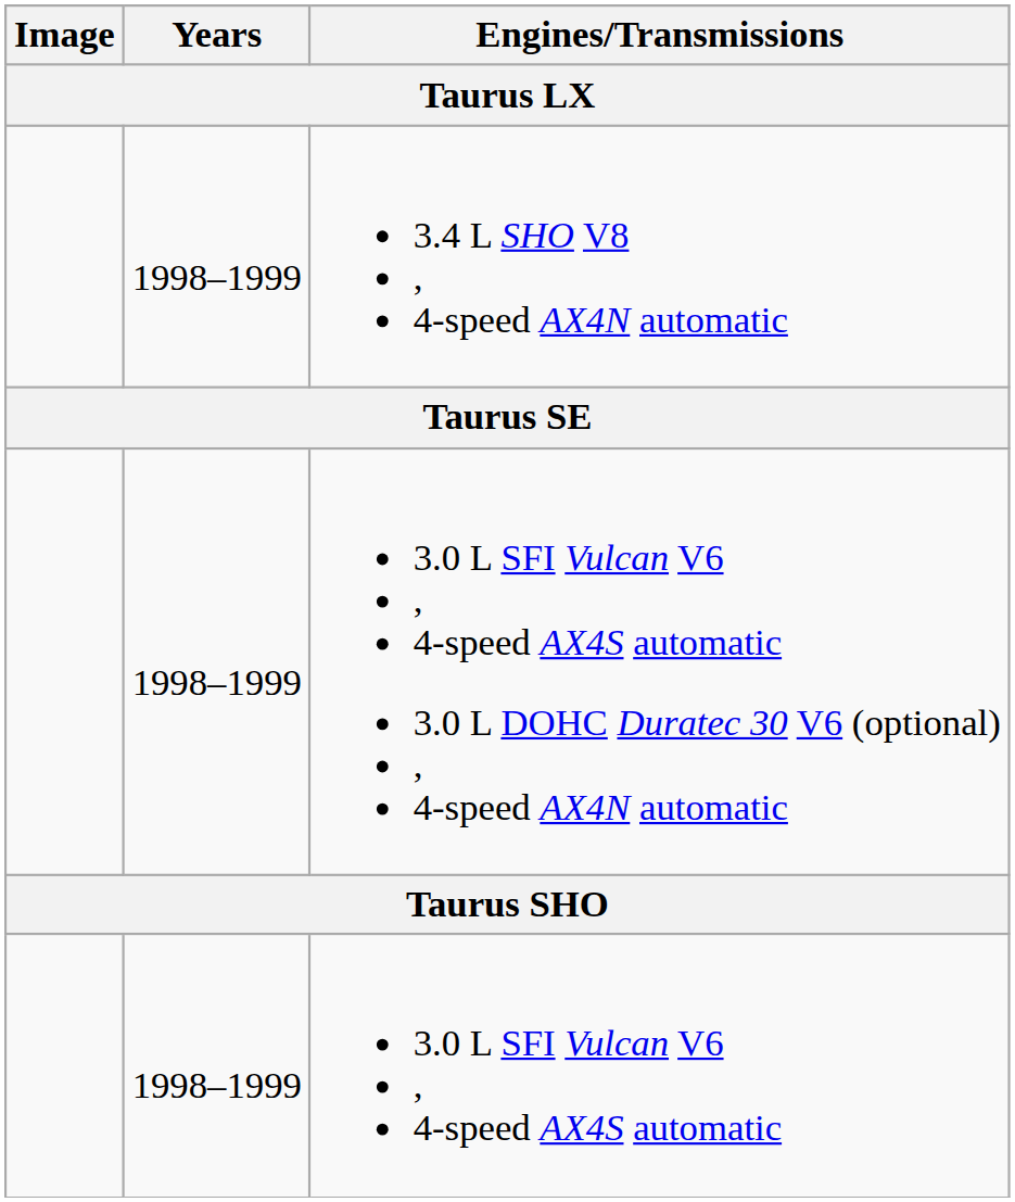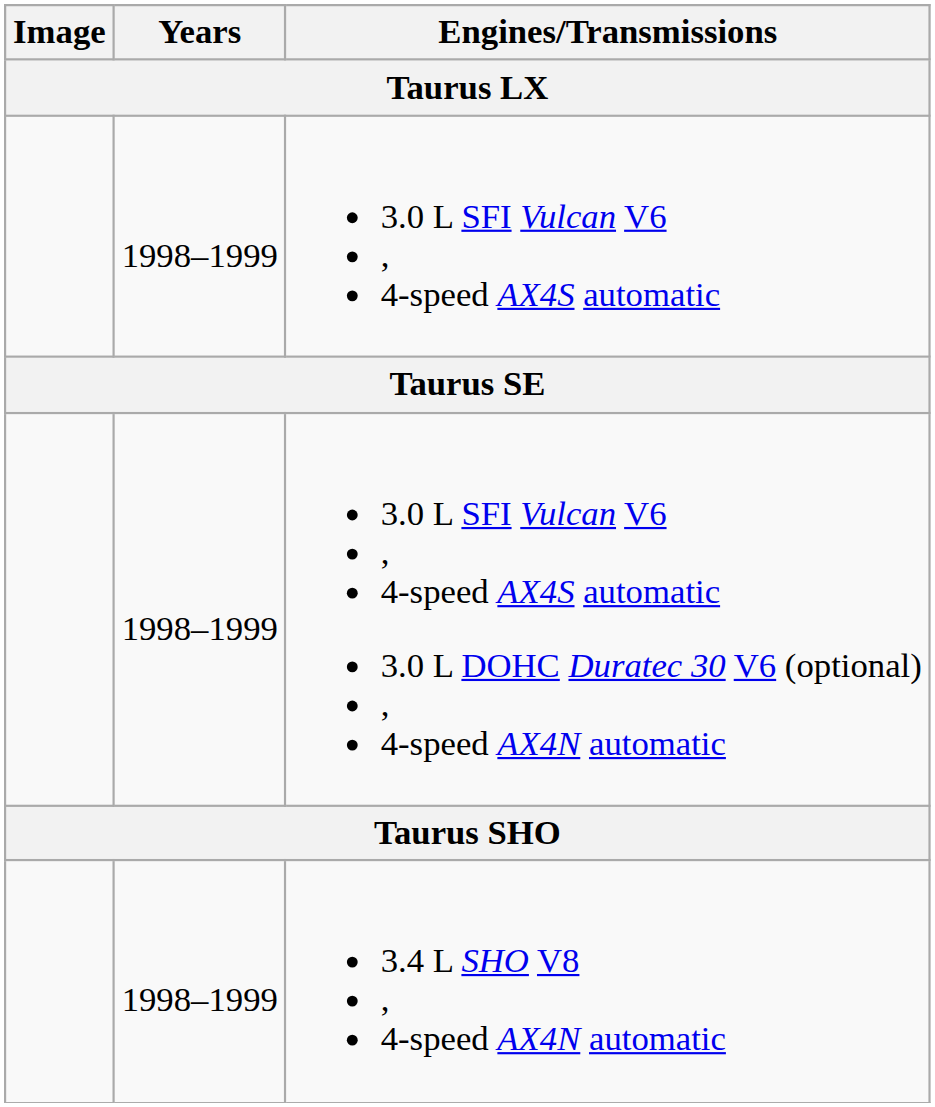 <table class="wikitable">
 <tr style="background:#CCCCCC;">
 <th>Image</th>
 <th>Years</th>
 <th>Engines/Transmissions</th>
 </tr>
 <tr>
 <th colspan=3 style= "textalign:center">Taurus LX</th>
 </tr>
 <tr>
 <td></td>
 <td><br>1998–1999</td>
-<td><br><ul><li>3.4 L <em><a href='#'>SHO</a></em> <a href='#'>V8</a></li><li>, </li><li>4-speed <em><a href='#'>AX4N</a></em> <a href='#'>automatic</a></li></ul></td>
+<td><br><ul><li>3.0 L <a href='#'>SFI</a> <em><a href='#'>Vulcan</a></em> <a href='#'>V6</a></li><li>, </li><li>4-speed <em><a href='#'>AX4S</a></em> <a href='#'>automatic</a></li></ul></td>
 </tr>
 <tr>
 <th colspan=3 style= "textalign:center">Taurus SE</th>
 </tr>
 <tr>
 <td></td>
 <td><br>1998–1999</td>
 <td><br><ul><li>3.0 L <a href='#'>SFI</a> <em><a href='#'>Vulcan</a></em> <a href='#'>V6</a></li><li>, </li><li>4-speed <em><a href='#'>AX4S</a></em> <a href='#'>automatic</a></li></ul><ul><li>3.0 L <a href='#'>DOHC</a> <em><a href='#'>Duratec 30</a></em> <a href='#'>V6</a> (optional)</li><li>, </li><li>4-speed <em><a href='#'>AX4N</a></em> <a href='#'>automatic</a></li></ul></td>
 </tr>
 <tr>
 <th colspan=3 style= "textalign:center">Taurus SHO</th>
 </tr>
 <tr>
 <td></td>
 <td><br>1998–1999</td>
-<td><br><ul><li>3.0 L <a href='#'>SFI</a> <em><a href='#'>Vulcan</a></em> <a href='#'>V6</a></li><li>, </li><li>4-speed <em><a href='#'>AX4S</a></em> <a href='#'>automatic</a></li></ul></td>
+<td><br><ul><li>3.4 L <em><a href='#'>SHO</a></em> <a href='#'>V8</a></li><li>, </li><li>4-speed <em><a href='#'>AX4N</a></em> <a href='#'>automatic</a></li></ul></td>
 </tr>
 </table>
